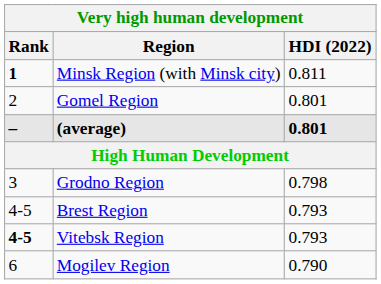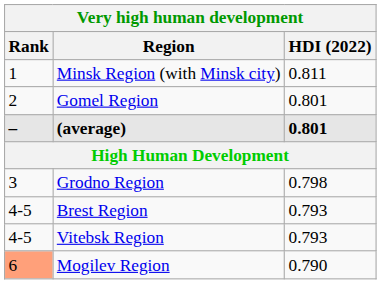 <table class="wikitable sortable">
 <tr>
 <th style="color:#090" colspan="4">Very high human development</th>
 </tr>
 <tr>
 <th>Rank</th>
 <th>Region</th>
 <th>HDI (2022)</th>
 </tr>
 <tr>
-<td><strong>1</strong></td>
+<td>1</td>
 <td><a href='#'>Minsk Region</a> (with <a href='#'>Minsk city</a>)</td>
 <td>0.811</td>
 </tr>
 <tr>
 <td>2</td>
 <td><a href='#'>Gomel Region</a></td>
 <td>0.801</td>
 </tr>
 <tr style="background:#e6e6e6">
 <td><strong>–</strong></td>
 <td><strong> (average)</strong></td>
 <td><strong>0.801</strong></td>
 </tr>
 <tr>
 <th colspan="6" style="color:#0c0;">High Human Development</th>
 </tr>
 <tr>
 <td>3</td>
 <td><a href='#'>Grodno Region</a></td>
 <td>0.798</td>
 </tr>
 <tr>
 <td>4-5</td>
 <td><a href='#'>Brest Region</a></td>
 <td>0.793</td>
 </tr>
 <tr>
-<td><strong>4-5</strong></td>
+<td>4-5</td>
 <td><a href='#'>Vitebsk Region</a></td>
 <td>0.793</td>
 </tr>
 <tr>
-<td>6</td>
+<td style="background: lightsalmon;">6</td>
 <td><a href='#'>Mogilev Region</a></td>
 <td>0.790</td>
 </tr>
 </table>
